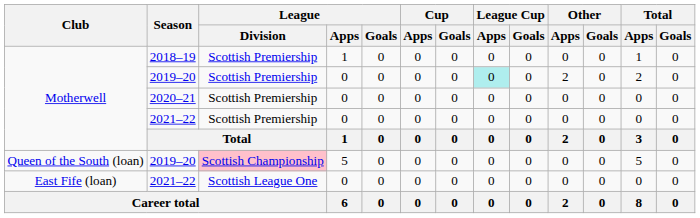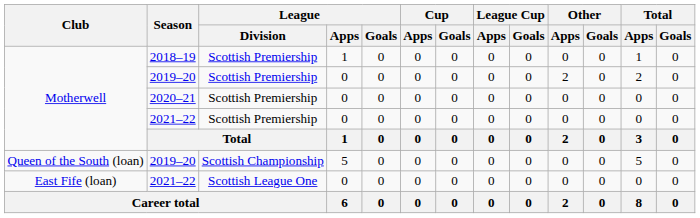 <table class="wikitable" style="text-align: center">
 <tr>
 <th rowspan="2">Club</th>
 <th rowspan="2">Season</th>
 <th colspan="3">League</th>
 <th colspan="2">Cup</th>
 <th colspan="2">League Cup</th>
 <th colspan="2">Other</th>
 <th colspan="2">Total</th>
 </tr>
 <tr>
 <th>Division</th>
 <th>Apps</th>
 <th>Goals</th>
 <th>Apps</th>
 <th>Goals</th>
 <th>Apps</th>
 <th>Goals</th>
 <th>Apps</th>
 <th>Goals</th>
 <th>Apps</th>
 <th>Goals</th>
 </tr>
 <tr>
 <td rowspan=5><a href='#'>Motherwell</a></td>
 <td><a href='#'>2018–19</a></td>
 <td><a href='#'>Scottish Premiership</a></td>
 <td>1</td>
 <td>0</td>
 <td>0</td>
 <td>0</td>
 <td>0</td>
 <td>0</td>
 <td>0</td>
 <td>0</td>
 <td>1</td>
 <td>0</td>
 </tr>
 <tr>
 <td><a href='#'>2019–20</a></td>
 <td><a href='#'>Scottish Premiership</a></td>
 <td>0</td>
 <td>0</td>
 <td>0</td>
 <td>0</td>
-<td style="background: paleturquoise;">0</td>
+<td>0</td>
 <td>0</td>
 <td>2</td>
 <td>0</td>
 <td>2</td>
 <td>0</td>
 </tr>
 <tr>
 <td><a href='#'>2020–21</a></td>
 <td>Scottish Premiership</td>
 <td>0</td>
 <td>0</td>
 <td>0</td>
 <td>0</td>
 <td>0</td>
 <td>0</td>
 <td>0</td>
 <td>0</td>
 <td>0</td>
 <td>0</td>
 </tr>
 <tr>
 <td><a href='#'>2021–22</a></td>
 <td>Scottish Premiership</td>
 <td>0</td>
 <td>0</td>
 <td>0</td>
 <td>0</td>
 <td>0</td>
 <td>0</td>
 <td>0</td>
 <td>0</td>
 <td>0</td>
 <td>0</td>
 </tr>
 <tr>
 <th colspan=2>Total</th>
 <th>1</th>
 <th>0</th>
 <th>0</th>
 <th>0</th>
 <th>0</th>
 <th>0</th>
 <th>2</th>
 <th>0</th>
 <th>3</th>
 <th>0</th>
 </tr>
 <tr>
 <td><a href='#'>Queen of the South</a> (loan)</td>
 <td><a href='#'>2019–20</a></td>
-<td style="background: pink;"><a href='#'>Scottish Championship</a></td>
+<td><a href='#'>Scottish Championship</a></td>
 <td>5</td>
 <td>0</td>
 <td>0</td>
 <td>0</td>
 <td>0</td>
 <td>0</td>
 <td>0</td>
 <td>0</td>
 <td>5</td>
 <td>0</td>
 </tr>
 <tr>
 <td><a href='#'>East Fife</a> (loan)</td>
 <td><a href='#'>2021–22</a></td>
 <td><a href='#'>Scottish League One</a></td>
 <td>0</td>
 <td>0</td>
 <td>0</td>
 <td>0</td>
 <td>0</td>
 <td>0</td>
 <td>0</td>
 <td>0</td>
 <td>0</td>
 <td>0</td>
 </tr>
 <tr>
 <th colspan="3">Career total</th>
 <th>6</th>
 <th>0</th>
 <th>0</th>
 <th>0</th>
 <th>0</th>
 <th>0</th>
 <th>2</th>
 <th>0</th>
 <th>8</th>
 <th>0</th>
 </tr>
 </table>
